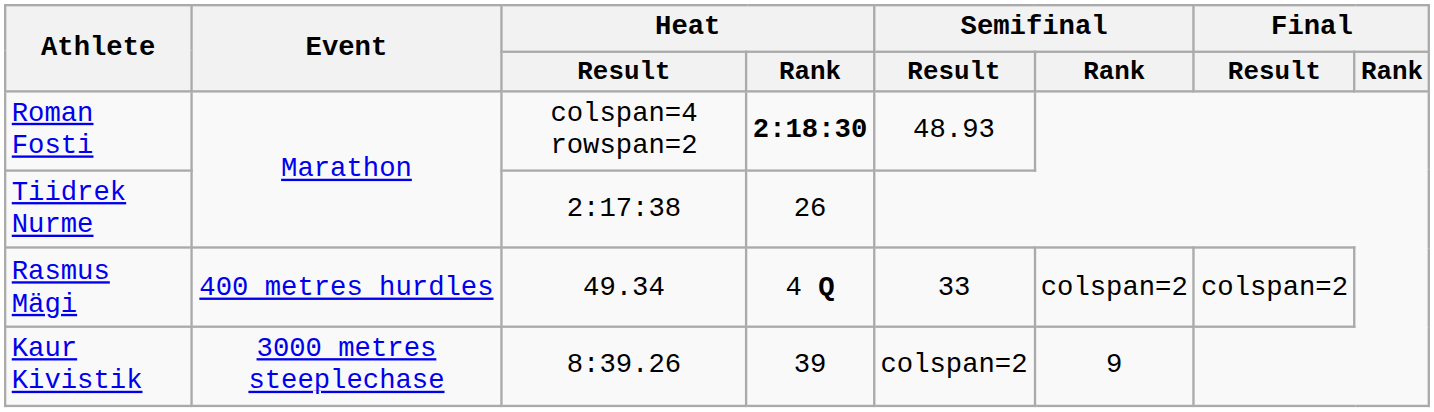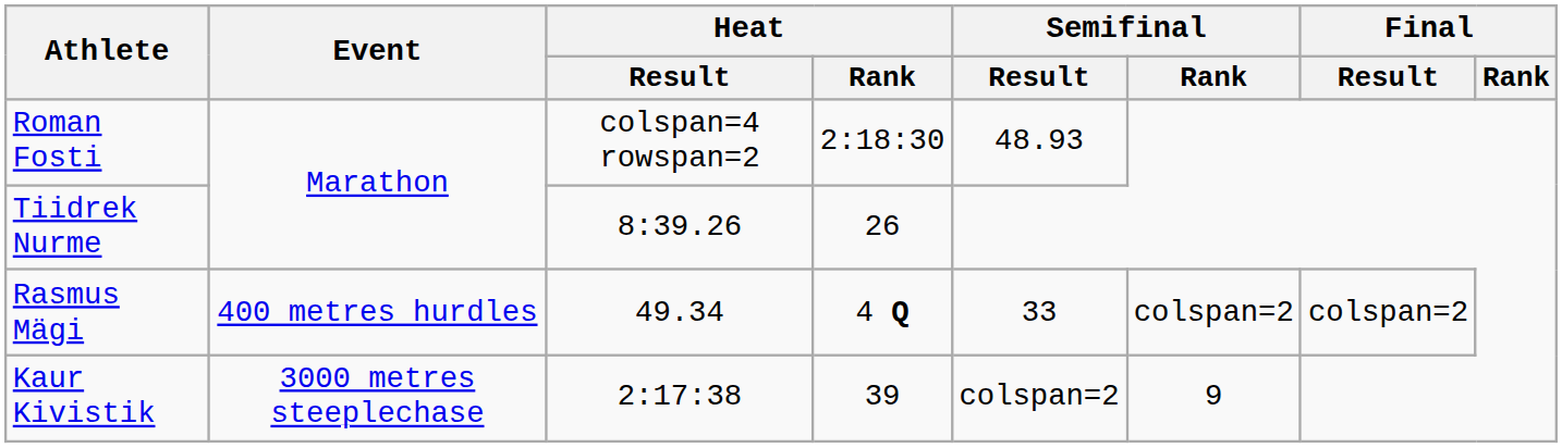 <table class=wikitable style=font-size:90%>
 <tr>
 <th rowspan=2>Athlete</th>
 <th rowspan=2>Event</th>
 <th colspan=2>Heat</th>
 <th colspan=2>Semifinal</th>
 <th colspan=2>Final</th>
 </tr>
 <tr style=font-size:95%>
 <th>Result</th>
 <th>Rank</th>
 <th>Result</th>
 <th>Rank</th>
 <th>Result</th>
 <th>Rank</th>
 </tr>
 <tr align=center>
 <td align=left><a href='#'>Roman Fosti</a></td>
 <td rowspan=2><a href='#'>Marathon</a></td>
 <td>colspan=4 rowspan=2 </td>
-<td><strong>2:18:30 </strong></td>
+<td>2:18:30 </td>
 <td>48.93 </td>
 </tr>
 <tr align=center>
 <td align=left><a href='#'>Tiidrek Nurme</a></td>
-<td>2:17:38</td>
+<td>8:39.26</td>
 <td>26</td>
 </tr>
 <tr align=center>
 <td align=left><a href='#'>Rasmus Mägi</a></td>
 <td><a href='#'>400 metres hurdles</a></td>
 <td>49.34 </td>
 <td>4 <strong>Q</strong></td>
 <td>33</td>
 <td>colspan=2 </td>
 <td>colspan=2 </td>
 </tr>
 <tr align=center>
 <td align=left><a href='#'>Kaur Kivistik</a></td>
 <td><a href='#'>3000 metres steeplechase</a></td>
-<td>8:39.26</td>
+<td>2:17:38</td>
 <td>39</td>
 <td>colspan=2 </td>
 <td>9</td>
 </tr>
 </table>
